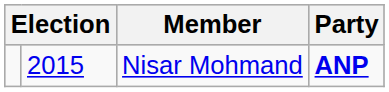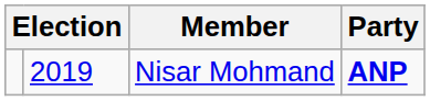 <table class="wikitable">
 <tr>
 <th colspan="2">Election</th>
 <th>Member</th>
 <th>Party</th>
 </tr>
 <tr>
 <td style="background-color: "></td>
-<td><a href='#'>2015</a></td>
+<td><a href='#'>2019</a></td>
 <td><a href='#'>Nisar Mohmand</a></td>
 <td><strong><a href='#'>ANP</a></strong></td>
 </tr>
 </table>
